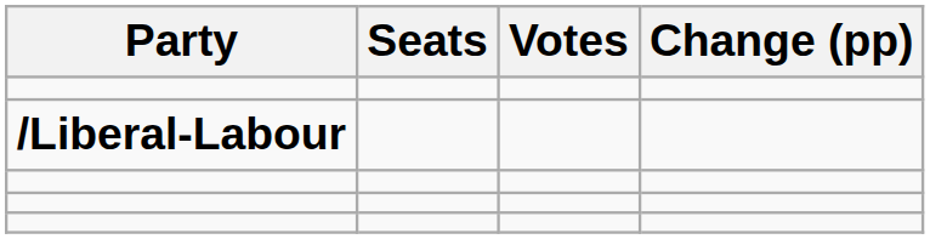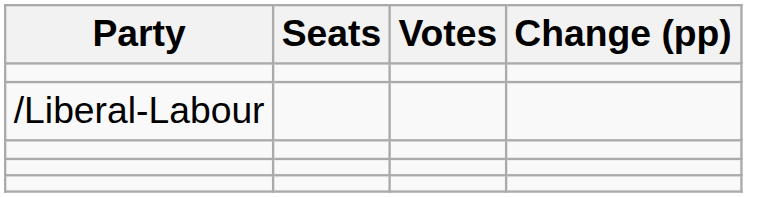 <table class="wikitable" style="text-align:right;">
 <tr>
 <th>Party</th>
 <th>Seats</th>
 <th>Votes</th>
 <th colspan="3">Change (pp)</th>
 </tr>
 <tr>
 <td style="text-align:left;"></td>
 <td></td>
 <td></td>
 <td></td>
 </tr>
 <tr>
-<td style="text-align:left;"><strong>/Liberal-Labour</strong></td>
+<td style="text-align:left;">/Liberal-Labour</td>
 <td></td>
 <td></td>
 <td></td>
 </tr>
 <tr>
 <td style="text-align:left;"></td>
 <td></td>
 <td></td>
 <td></td>
 </tr>
 <tr>
 <td style="text-align:left;"></td>
 <td></td>
 <td></td>
 <td></td>
 </tr>
 <tr>
 <td style="text-align:left;"></td>
 <td></td>
 <td></td>
 <td></td>
 </tr>
 </table>
